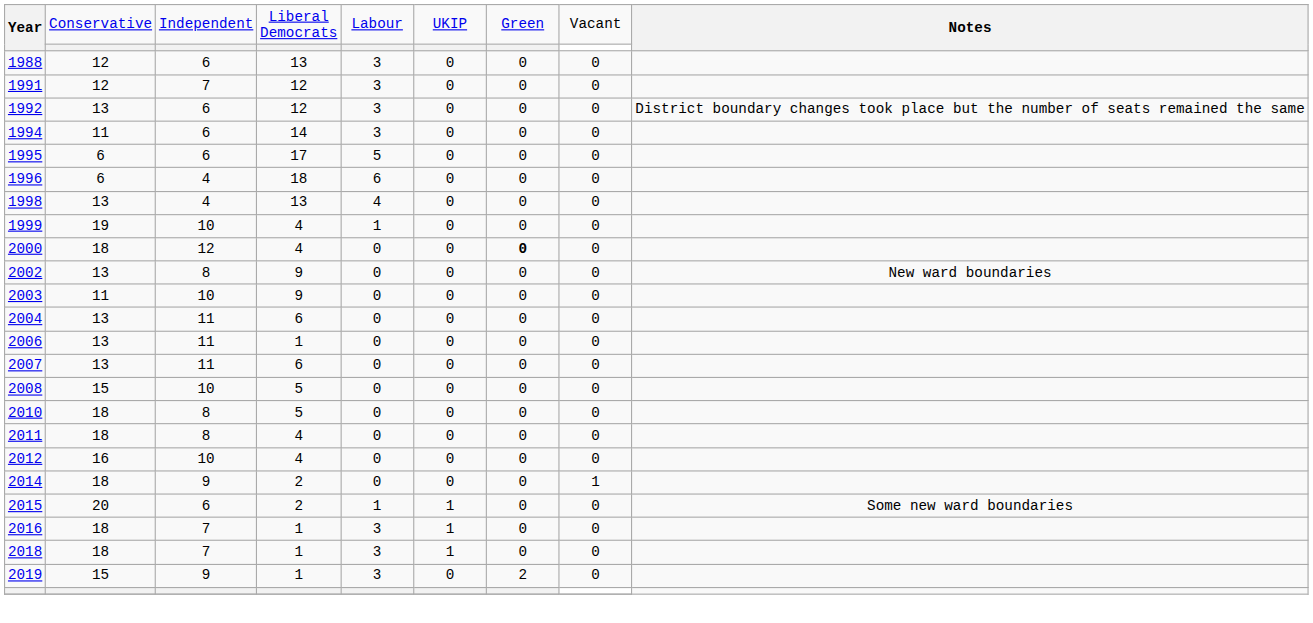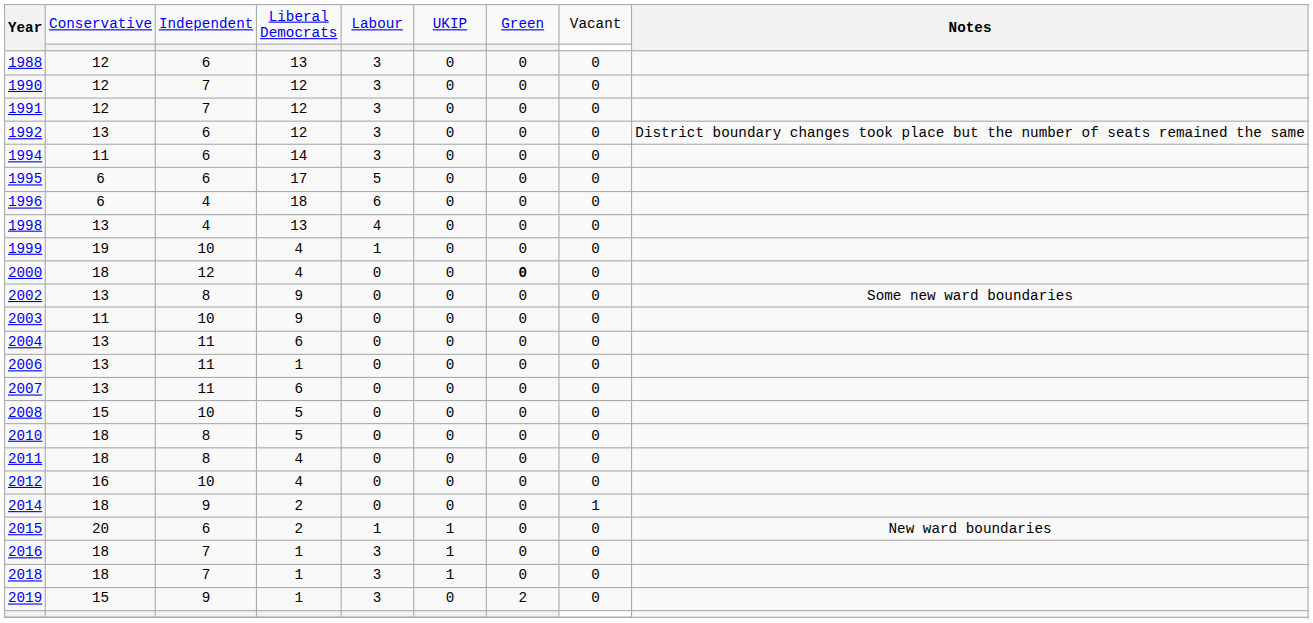 <table class=wikitable style=text-align:center>
 <tr>
 <th rowspan=2>Year</th>
 <td width="60"><a href='#'>Conservative</a></td>
 <td width="60"><a href='#'>Independent</a></td>
 <td width="60"><a href='#'>Liberal Democrats</a></td>
 <td width="60"><a href='#'>Labour</a></td>
 <td width="60"><a href='#'>UKIP</a></td>
 <td width="60"><a href='#'>Green</a></td>
 <td width="60">Vacant</td>
 <th rowspan="2">Notes</th>
 </tr>
 <tr>
 <th style="background-color: "></th>
 <th style="background-color: "></th>
 <th style="background-color: "></th>
 <th style="background-color: "></th>
 <th style="background-color: "></th>
 <th style="background-color: "></th>
 <th style="background-color: white; width: 3px;"></th>
 </tr>
 <tr>
 <td><a href='#'>1988</a></td>
 <td>12</td>
 <td>6</td>
 <td>13</td>
+<td>3</td>
+<td>0</td>
+<td>0</td>
+<td>0</td>
+<td></td>
+</tr>
+<tr>
+<td><a href='#'>1990</a></td>
+<td>12</td>
+<td>7</td>
+<td>12</td>
 <td>3</td>
 <td>0</td>
 <td>0</td>
 <td>0</td>
 <td></td>
 </tr>
 <tr>
 <td><a href='#'>1991</a></td>
 <td>12</td>
 <td>7</td>
 <td>12</td>
 <td>3</td>
 <td>0</td>
 <td>0</td>
 <td>0</td>
 <td></td>
 </tr>
 <tr>
 <td><a href='#'>1992</a></td>
 <td>13</td>
 <td>6</td>
 <td>12</td>
 <td>3</td>
 <td>0</td>
 <td>0</td>
 <td>0</td>
 <td>District boundary changes took place but the number of seats remained the same</td>
 </tr>
 <tr>
 <td><a href='#'>1994</a></td>
 <td>11</td>
 <td>6</td>
 <td>14</td>
 <td>3</td>
 <td>0</td>
 <td>0</td>
 <td>0</td>
 <td></td>
 </tr>
 <tr>
 <td><a href='#'>1995</a></td>
 <td>6</td>
 <td>6</td>
 <td>17</td>
 <td>5</td>
 <td>0</td>
 <td>0</td>
 <td>0</td>
 <td></td>
 </tr>
 <tr>
 <td><a href='#'>1996</a></td>
 <td>6</td>
 <td>4</td>
 <td>18</td>
 <td>6</td>
 <td>0</td>
 <td>0</td>
 <td>0</td>
 <td></td>
 </tr>
 <tr>
 <td><a href='#'>1998</a></td>
 <td>13</td>
 <td>4</td>
 <td>13</td>
 <td>4</td>
 <td>0</td>
 <td>0</td>
 <td>0</td>
 <td></td>
 </tr>
 <tr>
 <td><a href='#'>1999</a></td>
 <td>19</td>
 <td>10</td>
 <td>4</td>
 <td>1</td>
 <td>0</td>
 <td>0</td>
 <td>0</td>
 <td></td>
 </tr>
 <tr>
 <td><a href='#'>2000</a></td>
 <td>18</td>
 <td>12</td>
 <td>4</td>
 <td>0</td>
 <td>0</td>
 <td><strong>0</strong></td>
 <td>0</td>
 <td></td>
 </tr>
 <tr>
 <td><a href='#'>2002</a></td>
 <td>13</td>
 <td>8</td>
 <td>9</td>
 <td>0</td>
 <td>0</td>
 <td>0</td>
 <td>0</td>
-<td>New ward boundaries</td>
+<td>Some new ward boundaries</td>
 </tr>
 <tr>
 <td><a href='#'>2003</a></td>
 <td>11</td>
 <td>10</td>
 <td>9</td>
 <td>0</td>
 <td>0</td>
 <td>0</td>
 <td>0</td>
 <td></td>
 </tr>
 <tr>
 <td><a href='#'>2004</a></td>
 <td>13</td>
 <td>11</td>
 <td>6</td>
 <td>0</td>
 <td>0</td>
 <td>0</td>
 <td>0</td>
 <td></td>
 </tr>
 <tr>
 <td><a href='#'>2006</a></td>
 <td>13</td>
 <td>11</td>
 <td>1</td>
 <td>0</td>
 <td>0</td>
 <td>0</td>
 <td>0</td>
 <td></td>
 </tr>
 <tr>
 <td><a href='#'>2007</a></td>
 <td>13</td>
 <td>11</td>
 <td>6</td>
 <td>0</td>
 <td>0</td>
 <td>0</td>
 <td>0</td>
 <td></td>
 </tr>
 <tr>
 <td><a href='#'>2008</a></td>
 <td>15</td>
 <td>10</td>
 <td>5</td>
 <td>0</td>
 <td>0</td>
 <td>0</td>
 <td>0</td>
 <td></td>
 </tr>
 <tr>
 <td><a href='#'>2010</a></td>
 <td>18</td>
 <td>8</td>
 <td>5</td>
 <td>0</td>
 <td>0</td>
 <td>0</td>
 <td>0</td>
 <td></td>
 </tr>
 <tr>
 <td><a href='#'>2011</a></td>
 <td>18</td>
 <td>8</td>
 <td>4</td>
 <td>0</td>
 <td>0</td>
 <td>0</td>
 <td>0</td>
 <td></td>
 </tr>
 <tr>
 <td><a href='#'>2012</a></td>
 <td>16</td>
 <td>10</td>
 <td>4</td>
 <td>0</td>
 <td>0</td>
 <td>0</td>
 <td>0</td>
 <td></td>
 </tr>
 <tr>
 <td><a href='#'>2014</a></td>
 <td>18</td>
 <td>9</td>
 <td>2</td>
 <td>0</td>
 <td>0</td>
 <td>0</td>
 <td>1</td>
 <td></td>
 </tr>
 <tr>
 <td><a href='#'>2015</a></td>
 <td>20</td>
 <td>6</td>
 <td>2</td>
 <td>1</td>
 <td>1</td>
 <td>0</td>
 <td>0</td>
-<td>Some new ward boundaries</td>
+<td>New ward boundaries</td>
 </tr>
 <tr>
 <td><a href='#'>2016</a></td>
 <td>18</td>
 <td>7</td>
 <td>1</td>
 <td>3</td>
 <td>1</td>
 <td>0</td>
 <td>0</td>
 <td></td>
 </tr>
 <tr>
 <td><a href='#'>2018</a></td>
 <td>18</td>
 <td>7</td>
 <td>1</td>
 <td>3</td>
 <td>1</td>
 <td>0</td>
 <td>0</td>
 <td></td>
 </tr>
 <tr>
 <td><a href='#'>2019</a></td>
 <td>15</td>
 <td>9</td>
 <td>1</td>
 <td>3</td>
 <td>0</td>
 <td>2</td>
 <td>0</td>
 <td></td>
 </tr>
 <tr>
 <th></th>
 <th style="background-color: "></th>
 <th style="background-color: "></th>
 <th style="background-color: "></th>
 <th style="background-color: "></th>
 <th style="background-color: "></th>
 <th style="background-color: "></th>
 <th style="background-color: white; width: 3px;"></th>
 </tr>
 <tr>
 </tr>
 </table>
